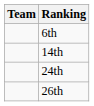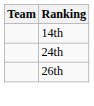 <table class="wikitable">
 <tr>
 <th>Team</th>
 <th>Ranking</th>
-</tr>
-<tr>
-<td></td>
-<td>6th</td>
 </tr>
 <tr>
 <td></td>
 <td>14th</td>
 </tr>
 <tr>
 <td></td>
 <td>24th</td>
 </tr>
 <tr>
 <td></td>
 <td>26th</td>
 </tr>
 </table>
